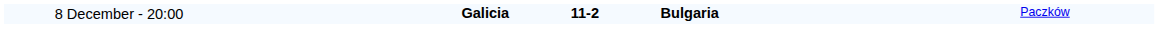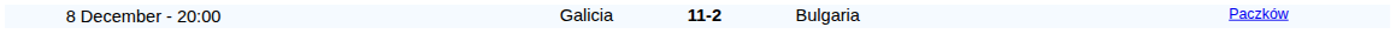 <table style="width: 100%; background:#F5FAFF;" cellspacing="0">
 <tr>
 <td align=center rowspan=3 width=20%>8 December - 20:00</td>
 </tr>
 <tr>
-<td width=24% align=right><strong>Galicia</strong></td>
+<td width=24% align=right>Galicia</td>
 <td align=center width=13%><strong>11-2</strong></td>
-<td width=24%><strong>Bulgaria</strong></td>
+<td width=24%>Bulgaria</td>
 <td style=font-size:85% rowspan=3 valign=top align=center><a href='#'>Paczków</a></td>
 </tr>
 <tr style=font-size:85%>
 <td align=right valign=top></td>
 <td></td>
 <td></td>
 </tr>
 </table>
